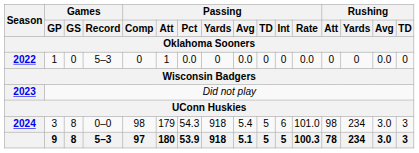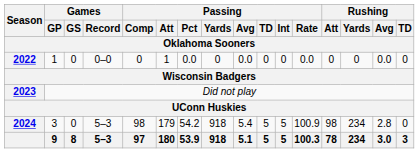 <table class="wikitable" style="text-align:center;">
 <tr>
 <th rowspan="2">Season</th>
 <th colspan="3">Games</th>
 <th colspan="8">Passing</th>
 <th colspan="5">Rushing</th>
 </tr>
 <tr>
 <th>GP</th>
 <th>GS</th>
 <th>Record</th>
 <th>Comp</th>
 <th>Att</th>
 <th>Pct</th>
 <th>Yards</th>
 <th>Avg</th>
 <th>TD</th>
 <th>Int</th>
 <th>Rate</th>
 <th>Att</th>
 <th>Yards</th>
 <th>Avg</th>
 <th>TD</th>
 </tr>
 <tr>
 <th colspan="17">Oklahoma Sooners</th>
 </tr>
 <tr>
 <th><a href='#'>2022</a></th>
 <td>1</td>
 <td>0</td>
-<td>5–3</td>
+<td>0–0</td>
 <td>0</td>
 <td>1</td>
 <td>0.0</td>
 <td>0</td>
 <td>0.0</td>
 <td>0</td>
 <td>0</td>
 <td>0.0</td>
 <td>0</td>
 <td>0</td>
 <td>0.0</td>
 <td>0</td>
 </tr>
 <tr>
 <th colspan="17">Wisconsin Badgers</th>
 </tr>
 <tr>
 <th><a href='#'>2023</a></th>
 <td colspan="15"><em>Did not play</em></td>
 </tr>
 <tr>
 <th colspan="17">UConn Huskies</th>
 </tr>
 <tr>
 <th><a href='#'>2024</a></th>
 <td>3</td>
-<td>8</td>
-<td>0–0</td>
+<td>0</td>
+<td>5–3</td>
 <td>98</td>
 <td>179</td>
-<td>54.3</td>
+<td>54.2</td>
 <td>918</td>
 <td>5.4</td>
 <td>5</td>
-<td>6</td>
-<td>101.0</td>
+<td>5</td>
+<td>100.9</td>
 <td>98</td>
 <td>234</td>
-<td>3.0</td>
-<td>3</td>
+<td>2.8</td>
+<td>0</td>
 </tr>
 <tr>
 <th></th>
 <th>9</th>
 <th>8</th>
 <th>5–3</th>
 <th>97</th>
 <th>180</th>
 <th>53.9</th>
 <th>918</th>
 <th>5.1</th>
 <th>5</th>
 <th>5</th>
 <th>100.3</th>
 <th>78</th>
 <th>234</th>
 <th>3.0</th>
 <th>3</th>
 </tr>
 </table>
